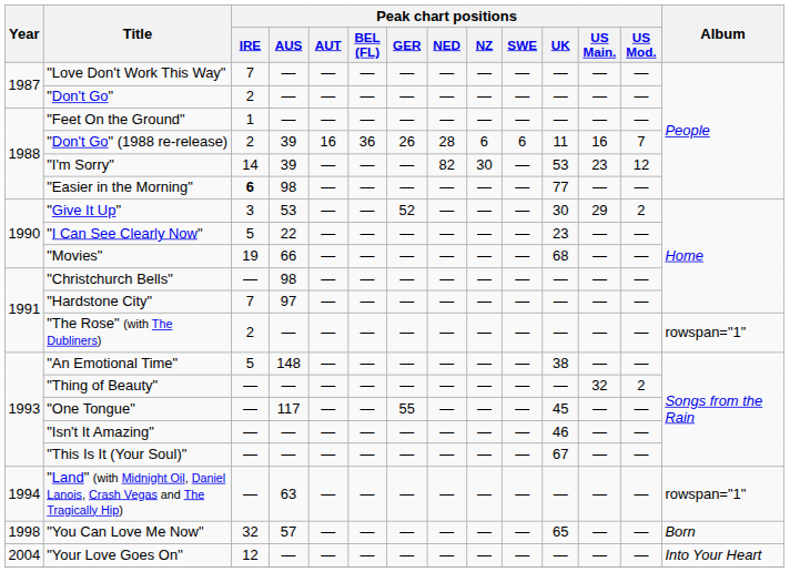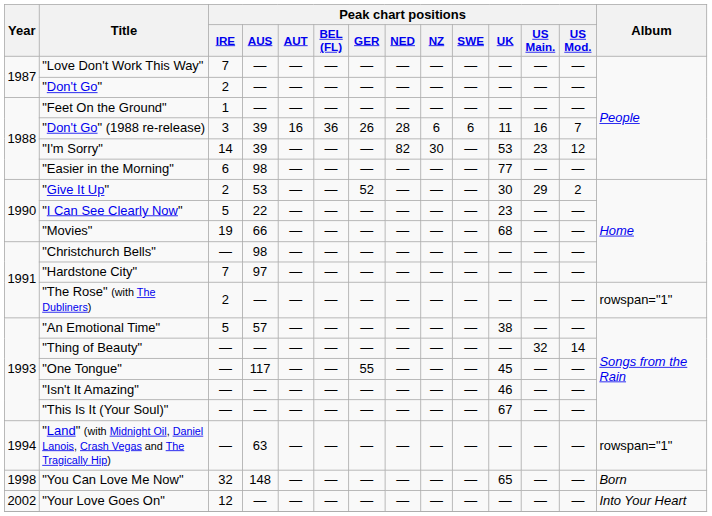 <table class="wikitable">
 <tr>
 <th rowspan="2" style="width:2em;">Year</th>
 <th rowspan="2" style="width:18em;">Title</th>
 <th colspan="11">Peak chart positions</th>
 <th rowspan="2" style="width:10em;">Album</th>
 </tr>
 <tr>
 <th scope="col" style="width:3em;font-size:90%;"><a href='#'>IRE</a><br></th>
 <th scope="col" style="width:3em;font-size:90%;"><a href='#'>AUS</a><br></th>
 <th scope="col" style="width:3em;font-size:90%;"><a href='#'>AUT</a><br></th>
 <th scope="col" style="width:3em;font-size:90%;"><a href='#'>BEL<br>(FL)</a><br></th>
 <th scope="col" style="width:3em;font-size:90%;"><a href='#'>GER</a><br></th>
 <th scope="col" style="width:3em;font-size:90%;"><a href='#'>NED</a><br></th>
 <th scope="col" style="width:3em;font-size:90%;"><a href='#'>NZ</a><br></th>
 <th scope="col" style="width:3em;font-size:90%;"><a href='#'>SWE</a><br></th>
 <th scope="col" style="width:3em;font-size:90%;"><a href='#'>UK</a><br></th>
 <th scope="col" style="width:3em;font-size:90%;"><a href='#'>US<br>Main.</a><br></th>
 <th scope="col" style="width:3em;font-size:90%;"><a href='#'>US<br>Mod.</a><br></th>
 </tr>
 <tr>
 <td rowspan="2">1987</td>
 <td>"Love Don't Work This Way"</td>
 <td align="center">7</td>
 <td align="center">—</td>
 <td align="center">—</td>
 <td align="center">—</td>
 <td align="center">—</td>
 <td align="center">—</td>
 <td align="center">—</td>
 <td align="center">—</td>
 <td align="center">—</td>
 <td align="center">—</td>
 <td align="center">—</td>
 <td rowspan="6"><em><a href='#'>People</a></em></td>
 </tr>
 <tr>
 <td>"<a href='#'>Don't Go</a>"</td>
 <td align="center">2</td>
 <td align="center">—</td>
 <td align="center">—</td>
 <td align="center">—</td>
 <td align="center">—</td>
 <td align="center">—</td>
 <td align="center">—</td>
 <td align="center">—</td>
 <td align="center">—</td>
 <td align="center">—</td>
 <td align="center">—</td>
 </tr>
 <tr>
 <td rowspan="4">1988</td>
 <td>"Feet On the Ground"</td>
 <td align="center">1</td>
 <td align="center">—</td>
 <td align="center">—</td>
 <td align="center">—</td>
 <td align="center">—</td>
 <td align="center">—</td>
 <td align="center">—</td>
 <td align="center">—</td>
 <td align="center">—</td>
 <td align="center">—</td>
 <td align="center">—</td>
 </tr>
 <tr>
 <td>"<a href='#'>Don't Go</a>" (1988 re-release)</td>
-<td align="center">2</td>
+<td align="center">3</td>
 <td align="center">39</td>
 <td align="center">16</td>
 <td align="center">36</td>
 <td align="center">26</td>
 <td align="center">28</td>
 <td align="center">6</td>
 <td align="center">6</td>
 <td align="center">11</td>
 <td align="center">16</td>
 <td align="center">7</td>
 </tr>
 <tr>
 <td>"I'm Sorry"</td>
 <td align="center">14</td>
 <td align="center">39</td>
 <td align="center">—</td>
 <td align="center">—</td>
 <td align="center">—</td>
 <td align="center">82</td>
 <td align="center">30</td>
 <td align="center">—</td>
 <td align="center">53</td>
 <td align="center">23</td>
 <td align="center">12</td>
 </tr>
 <tr>
 <td>"Easier in the Morning"</td>
-<td align="center"><strong>6</strong></td>
+<td align="center">6</td>
 <td align="center">98</td>
 <td align="center">—</td>
 <td align="center">—</td>
 <td align="center">—</td>
 <td align="center">—</td>
 <td align="center">—</td>
 <td align="center">—</td>
 <td align="center">77</td>
 <td align="center">—</td>
 <td align="center">—</td>
 </tr>
 <tr>
 <td rowspan="3">1990</td>
 <td>"<a href='#'>Give It Up</a>"</td>
-<td align="center">3</td>
+<td align="center">2</td>
 <td align="center">53</td>
 <td align="center">—</td>
 <td align="center">—</td>
 <td align="center">52</td>
 <td align="center">—</td>
 <td align="center">—</td>
 <td align="center">—</td>
 <td align="center">30</td>
 <td align="center">29</td>
 <td align="center">2</td>
 <td rowspan="5"><em><a href='#'>Home</a></em></td>
 </tr>
 <tr>
 <td>"<a href='#'>I Can See Clearly Now</a>"</td>
 <td align="center">5</td>
 <td align="center">22</td>
 <td align="center">—</td>
 <td align="center">—</td>
 <td align="center">—</td>
 <td align="center">—</td>
 <td align="center">—</td>
 <td align="center">—</td>
 <td align="center">23</td>
 <td align="center">—</td>
 <td align="center">—</td>
 </tr>
 <tr>
 <td>"Movies"</td>
 <td align="center">19</td>
 <td align="center">66</td>
 <td align="center">—</td>
 <td align="center">—</td>
 <td align="center">—</td>
 <td align="center">—</td>
 <td align="center">—</td>
 <td align="center">—</td>
 <td align="center">68</td>
 <td align="center">—</td>
 <td align="center">—</td>
 </tr>
 <tr>
 <td rowspan="3">1991</td>
 <td>"Christchurch Bells"</td>
 <td align="center">—</td>
 <td align="center">98</td>
 <td align="center">—</td>
 <td align="center">—</td>
 <td align="center">—</td>
 <td align="center">—</td>
 <td align="center">—</td>
 <td align="center">—</td>
 <td align="center">—</td>
 <td align="center">—</td>
 <td align="center">—</td>
 </tr>
 <tr>
 <td>"Hardstone City"</td>
 <td align="center">7</td>
 <td align="center">97</td>
 <td align="center">—</td>
 <td align="center">—</td>
 <td align="center">—</td>
 <td align="center">—</td>
 <td align="center">—</td>
 <td align="center">—</td>
 <td align="center">—</td>
 <td align="center">—</td>
 <td align="center">—</td>
 </tr>
 <tr>
 <td>"The Rose" <small>(with <a href='#'>The Dubliners</a>)</small></td>
 <td align="center">2</td>
 <td align="center">—</td>
 <td align="center">—</td>
 <td align="center">—</td>
 <td align="center">—</td>
 <td align="center">—</td>
 <td align="center">—</td>
 <td align="center">—</td>
 <td align="center">—</td>
 <td align="center">—</td>
 <td align="center">—</td>
 <td>rowspan="1" </td>
 </tr>
 <tr>
 <td rowspan="5">1993</td>
 <td>"An Emotional Time"</td>
 <td align="center">5</td>
-<td align="center">148</td>
+<td align="center">57</td>
 <td align="center">—</td>
 <td align="center">—</td>
 <td align="center">—</td>
 <td align="center">—</td>
 <td align="center">—</td>
 <td align="center">—</td>
 <td align="center">38</td>
 <td align="center">—</td>
 <td align="center">—</td>
 <td rowspan="5"><em><a href='#'>Songs from the Rain</a></em></td>
 </tr>
 <tr>
 <td>"Thing of Beauty"</td>
 <td align="center">—</td>
 <td align="center">—</td>
 <td align="center">—</td>
 <td align="center">—</td>
 <td align="center">—</td>
 <td align="center">—</td>
 <td align="center">—</td>
 <td align="center">—</td>
 <td align="center">—</td>
 <td align="center">32</td>
-<td align="center">2</td>
+<td align="center">14</td>
 </tr>
 <tr>
 <td>"One Tongue"</td>
 <td align="center">—</td>
 <td align="center">117</td>
 <td align="center">—</td>
 <td align="center">—</td>
 <td align="center">55</td>
 <td align="center">—</td>
 <td align="center">—</td>
 <td align="center">—</td>
 <td align="center">45</td>
 <td align="center">—</td>
 <td align="center">—</td>
 </tr>
 <tr>
 <td>"Isn't It Amazing"</td>
 <td align="center">—</td>
 <td align="center">—</td>
 <td align="center">—</td>
 <td align="center">—</td>
 <td align="center">—</td>
 <td align="center">—</td>
 <td align="center">—</td>
 <td align="center">—</td>
 <td align="center">46</td>
 <td align="center">—</td>
 <td align="center">—</td>
 </tr>
 <tr>
 <td>"This Is It (Your Soul)"</td>
 <td align="center">—</td>
 <td align="center">—</td>
 <td align="center">—</td>
 <td align="center">—</td>
 <td align="center">—</td>
 <td align="center">—</td>
 <td align="center">—</td>
 <td align="center">—</td>
 <td align="center">67</td>
 <td align="center">—</td>
 <td align="center">—</td>
 </tr>
 <tr>
 <td rowspan="1">1994</td>
 <td>"<a href='#'>Land</a>" <small>(with <a href='#'>Midnight Oil</a>, <a href='#'>Daniel Lanois</a>, <a href='#'>Crash Vegas</a> and <a href='#'>The Tragically Hip</a>)</small></td>
 <td align="center">—</td>
 <td align="center">63</td>
 <td align="center">—</td>
 <td align="center">—</td>
 <td align="center">—</td>
 <td align="center">—</td>
 <td align="center">—</td>
 <td align="center">—</td>
 <td align="center">—</td>
 <td align="center">—</td>
 <td align="center">—</td>
 <td>rowspan="1" </td>
 </tr>
 <tr>
 <td rowspan="1">1998</td>
 <td>"You Can Love Me Now"</td>
 <td align="center">32</td>
-<td align="center">57</td>
+<td align="center">148</td>
 <td align="center">—</td>
 <td align="center">—</td>
 <td align="center">—</td>
 <td align="center">—</td>
 <td align="center">—</td>
 <td align="center">—</td>
 <td align="center">65</td>
 <td align="center">—</td>
 <td align="center">—</td>
 <td rowspan="1"><em>Born</em></td>
 </tr>
 <tr>
-<td rowspan="1">2004</td>
+<td rowspan="1">2002</td>
 <td>"Your Love Goes On"</td>
 <td align="center">12</td>
 <td align="center">—</td>
 <td align="center">—</td>
 <td align="center">—</td>
 <td align="center">—</td>
 <td align="center">—</td>
 <td align="center">—</td>
 <td align="center">—</td>
 <td align="center">—</td>
 <td align="center">—</td>
 <td align="center">—</td>
 <td rowspan="1"><em>Into Your Heart</em></td>
 </tr>
 <tr>
 </tr>
 </table>
